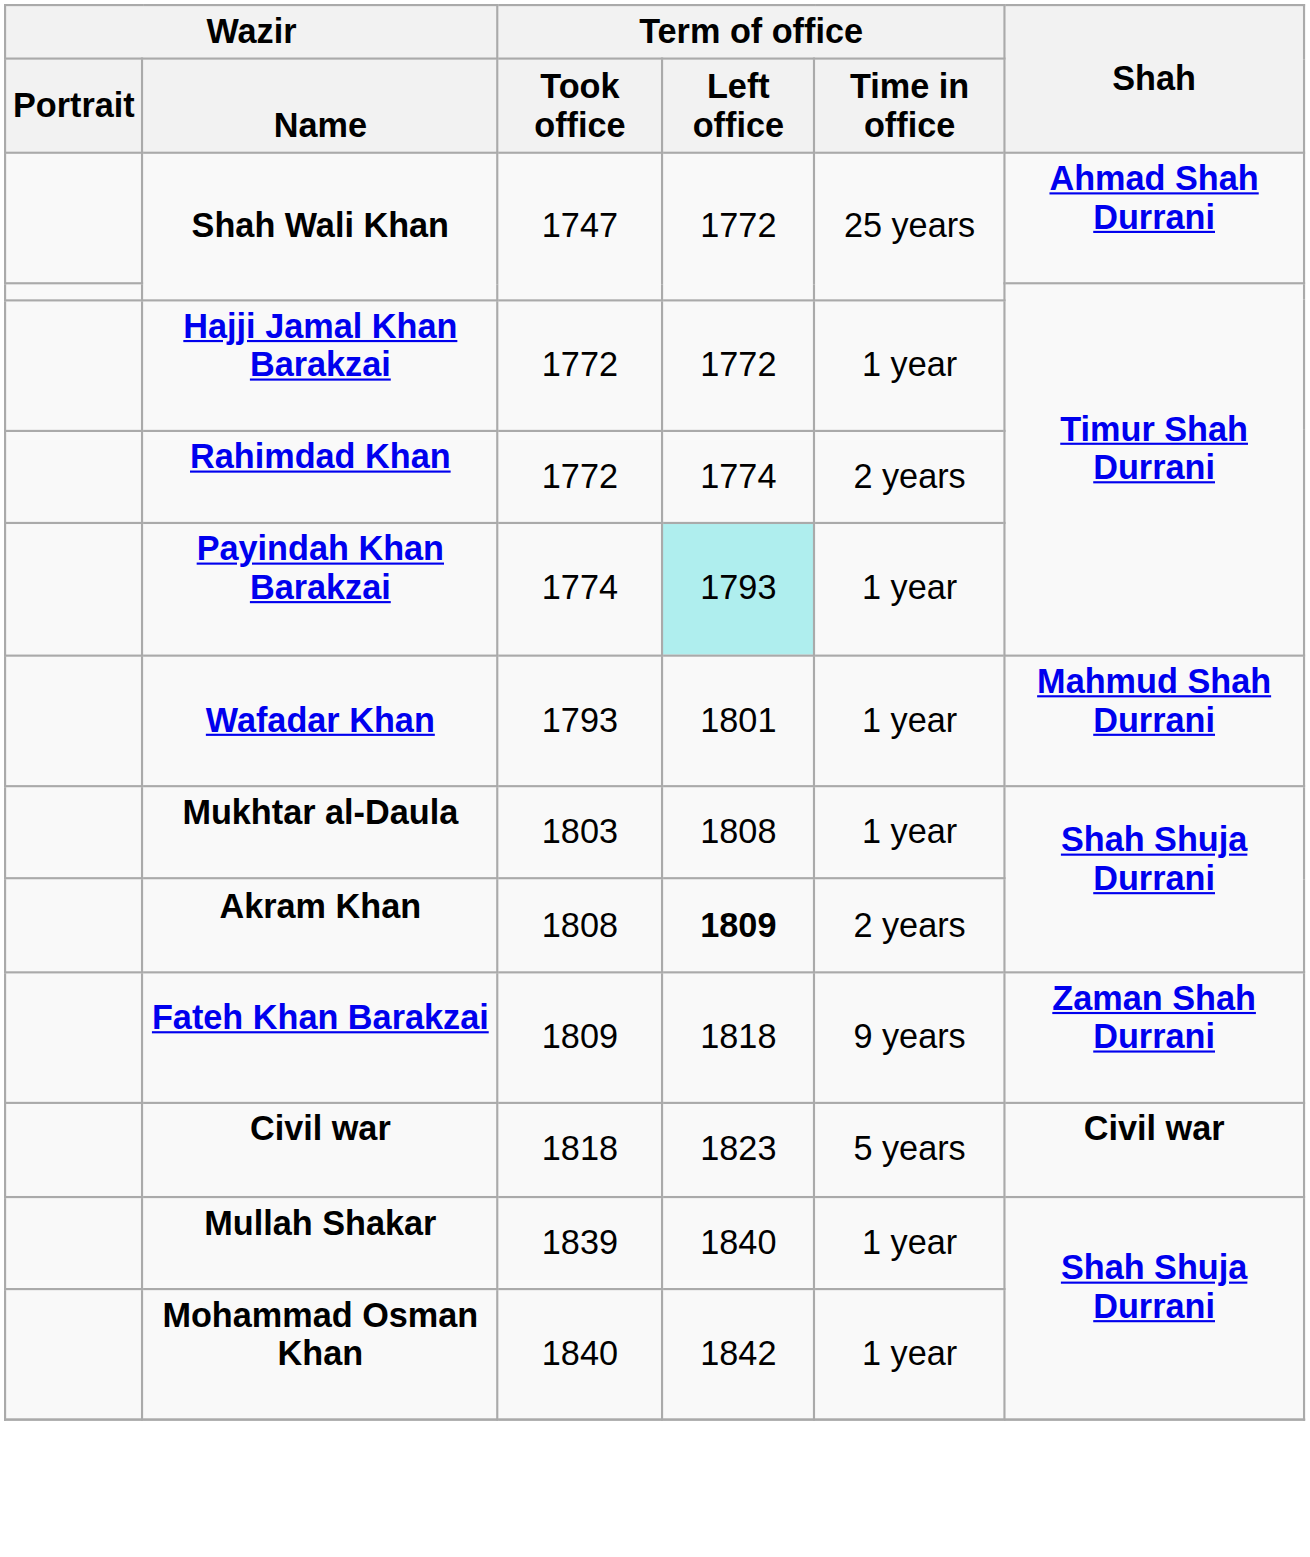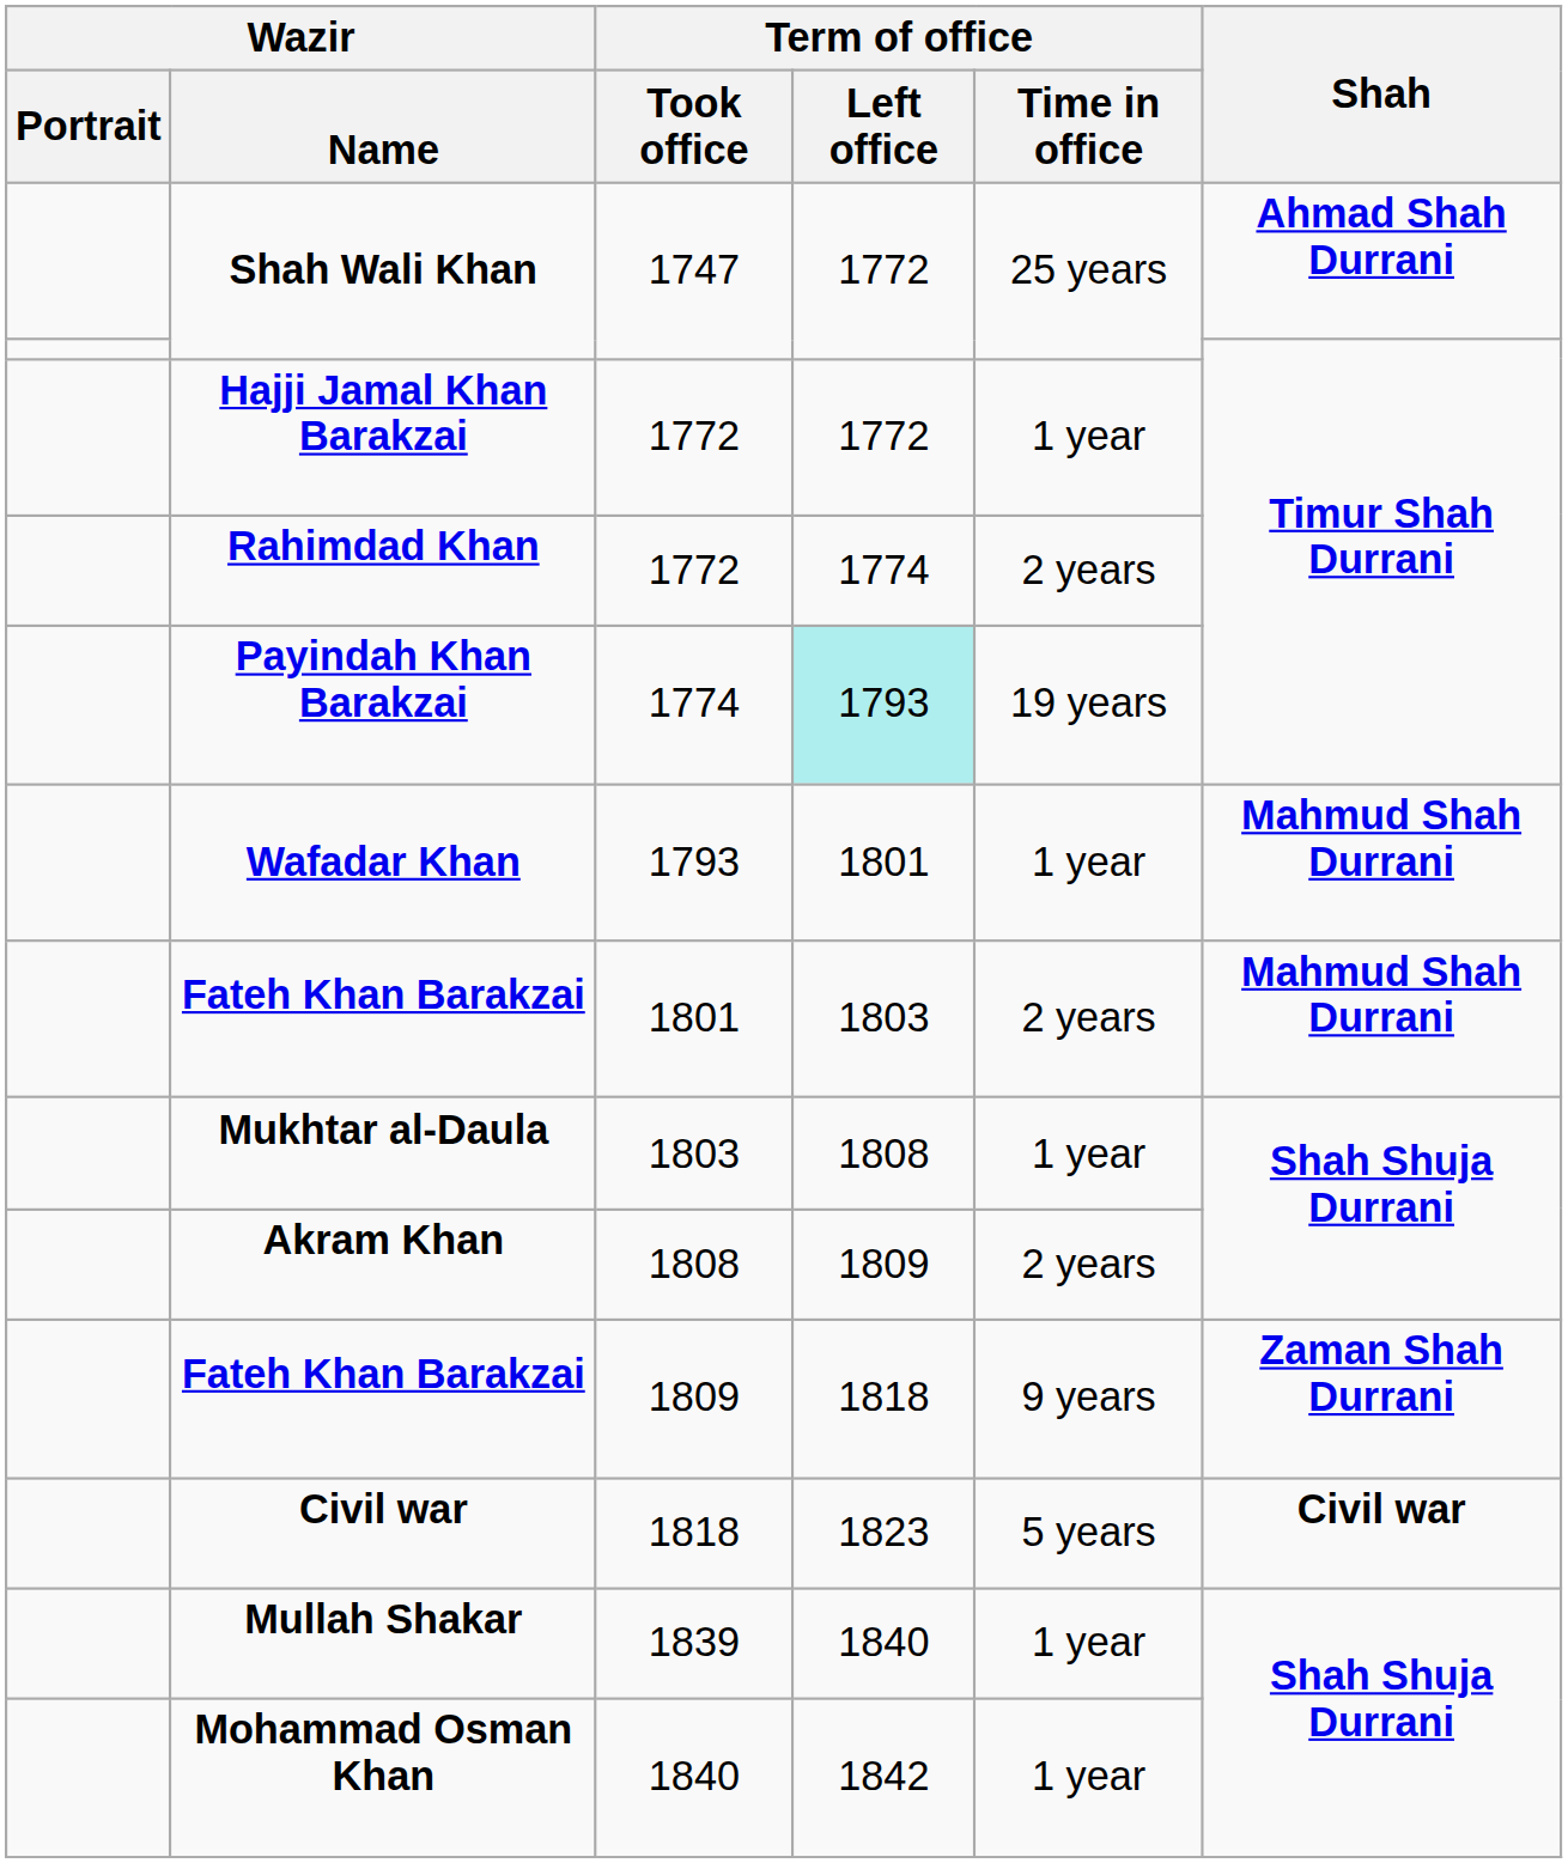 <table class="wikitable sortable mw-collapsible" style="text-align:center">
 <tr>
 <th colspan="2"><strong>Wazir</strong></th>
 <th colspan="3">Term of office</th>
 <th rowspan="2">Shah</th>
 </tr>
 <tr>
 <th>Portrait</th>
 <th><br>Name<br></th>
 <th><strong>Took office</strong></th>
 <th><strong>Left office</strong></th>
 <th>Time in office</th>
 </tr>
 <tr>
 <td></td>
 <td rowspan="2"><strong>Shah Wali Khan</strong><br>  </td>
 <td rowspan="2">1747</td>
 <td rowspan="2">1772</td>
 <td rowspan="2">25 years</td>
 <td><strong><a href='#'>Ahmad Shah Durrani</a></strong><br><br></td>
 </tr>
 <tr>
 <td></td>
 <td rowspan="4"><strong><a href='#'>Timur Shah Durrani</a></strong><br><br></td>
 </tr>
 <tr>
 <td></td>
 <td><strong><a href='#'>Hajji Jamal Khan Barakzai</a></strong><br><br></td>
 <td>1772</td>
 <td>1772</td>
 <td>1 year</td>
 </tr>
 <tr>
 <td></td>
 <td><strong><a href='#'>Rahimdad Khan</a></strong><br><br></td>
 <td>1772</td>
 <td>1774</td>
 <td>2 years</td>
 </tr>
 <tr>
 <td></td>
 <td><strong><a href='#'>Payindah Khan Barakzai</a></strong><br><br></td>
 <td>1774</td>
 <td style="background: paleturquoise;">1793</td>
-<td>1 year</td>
+<td>19 years</td>
 </tr>
 <tr>
 <td></td>
 <td><strong><a href='#'>Wafadar Khan</a></strong><br>  </td>
 <td>1793</td>
 <td>1801</td>
 <td>1 year</td>
+<td><strong><a href='#'>Mahmud Shah Durrani</a></strong><br><br></td>
+</tr>
+<tr>
+<td></td>
+<td><strong><a href='#'>Fateh Khan Barakzai</a></strong><br><br></td>
+<td>1801</td>
+<td>1803</td>
+<td>2 years</td>
 <td><strong><a href='#'>Mahmud Shah Durrani</a></strong><br><br></td>
 </tr>
 <tr>
 <td></td>
 <td><strong>Mukhtar al-Daula</strong><br><br></td>
 <td>1803</td>
 <td>1808</td>
 <td>1 year</td>
 <td rowspan="2"><strong><a href='#'>Shah Shuja Durrani</a></strong><br><br></td>
 </tr>
 <tr>
 <td></td>
 <td><strong>Akram Khan</strong><br><br></td>
 <td>1808</td>
-<td><strong>1809</strong></td>
+<td>1809</td>
 <td>2 years</td>
 </tr>
 <tr>
 <td></td>
 <td><strong><a href='#'>Fateh Khan Barakzai</a></strong><br><br></td>
 <td>1809</td>
 <td>1818</td>
 <td>9 years</td>
 <td><strong><a href='#'>Zaman Shah Durrani</a></strong><br><br></td>
 </tr>
 <tr>
 <td></td>
 <td><strong>Civil war</strong><br><br></td>
 <td>1818</td>
 <td>1823</td>
 <td>5 years</td>
 <td><strong>Civil war</strong><br><br></td>
 </tr>
 <tr>
 <td></td>
 <td><strong>Mullah Shakar</strong><br><br></td>
 <td>1839</td>
 <td>1840</td>
 <td>1 year</td>
 <td rowspan="2"><strong><a href='#'>Shah Shuja Durrani</a></strong><br><br></td>
 </tr>
 <tr>
 <td></td>
 <td><strong>Mohammad Osman Khan</strong><br><br></td>
 <td>1840</td>
 <td>1842</td>
 <td>1 year</td>
 </tr>
 <tr>
 </tr>
 </table>
